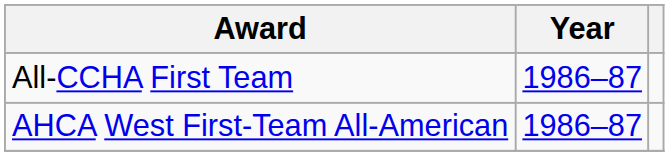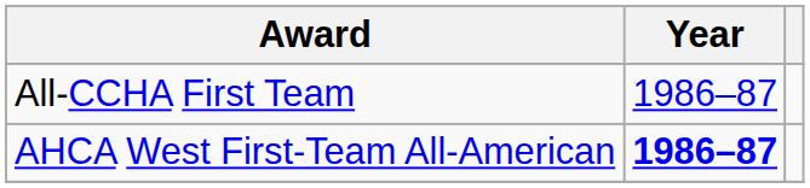 <table class="wikitable">
 <tr>
 <th>Award</th>
 <th>Year</th>
 <th></th>
 </tr>
 <tr>
 <td>All-<a href='#'>CCHA</a> <a href='#'>First Team</a></td>
 <td><a href='#'>1986–87</a></td>
 <td></td>
 </tr>
 <tr>
 <td><a href='#'>AHCA</a> <a href='#'>West First-Team All-American</a></td>
-<td><a href='#'>1986–87</a></td>
+<td><strong><a href='#'>1986–87</a></strong></td>
 <td></td>
 </tr>
 <tr>
 </tr>
 </table>
